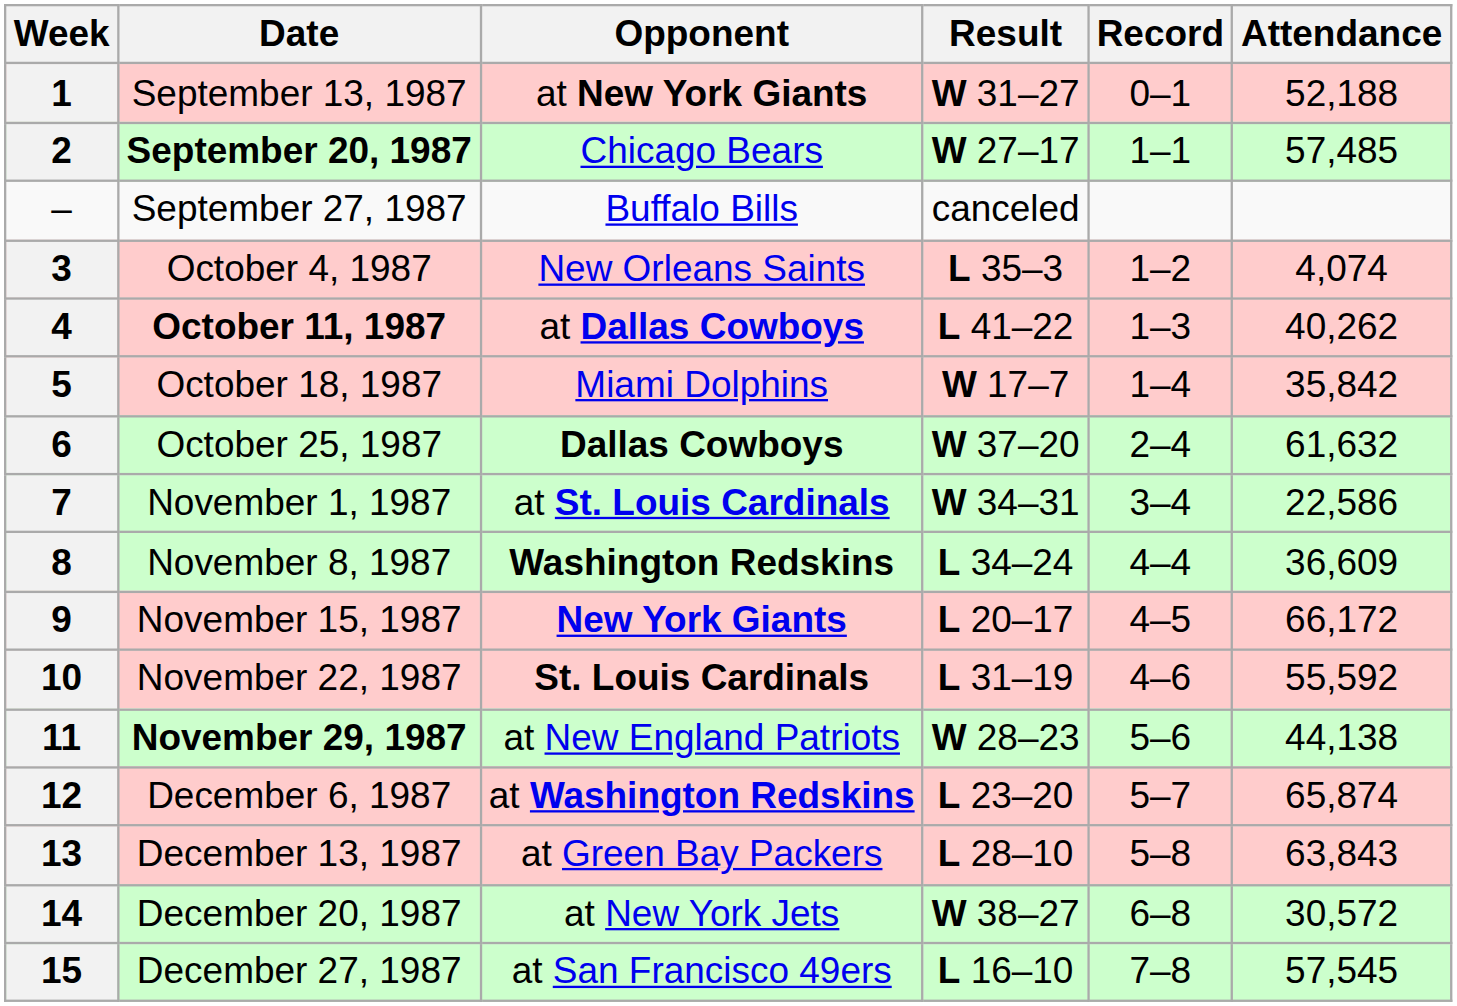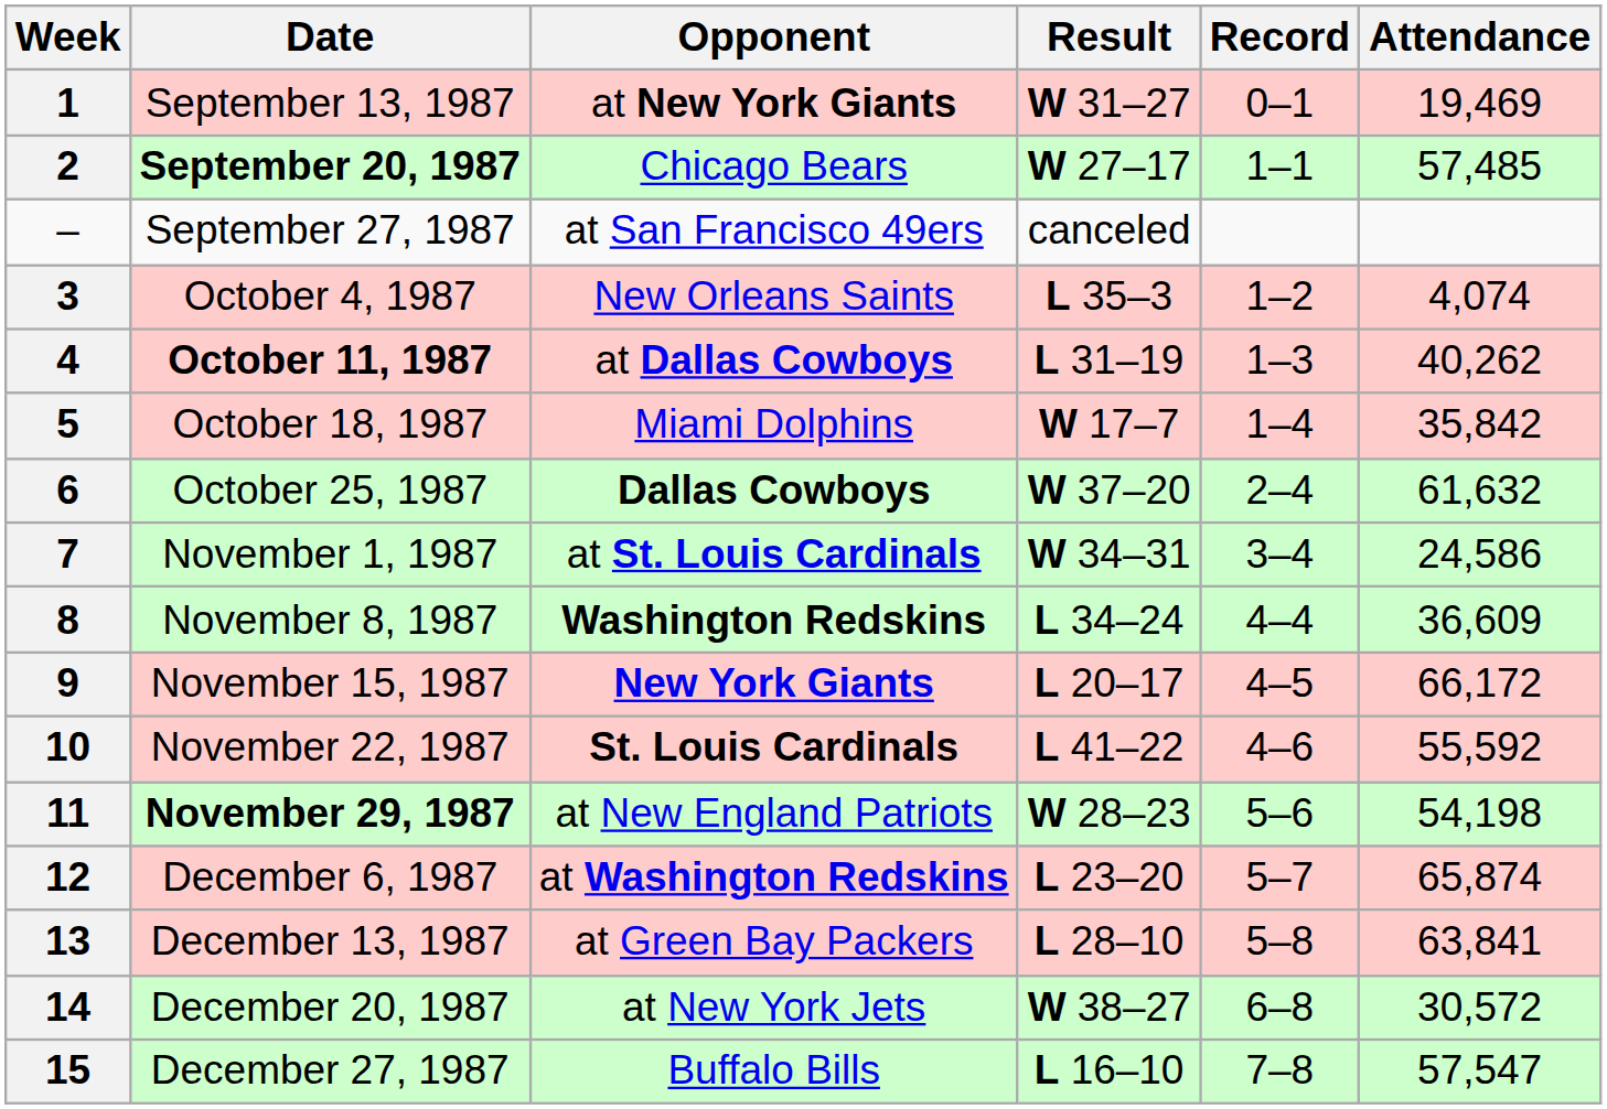 <table class="wikitable" style="text-align:center">
 <tr>
 <th>Week</th>
 <th>Date</th>
 <th>Opponent</th>
 <th>Result</th>
 <th>Record</th>
 <th>Attendance</th>
 </tr>
 <tr style="background:#fcc">
 <th>1</th>
 <td>September 13, 1987</td>
 <td>at <strong>New York Giants</strong></td>
 <td><strong>W</strong> 31–27</td>
 <td>0–1</td>
-<td>52,188</td>
+<td>19,469</td>
 </tr>
 <tr style="background:#cfc">
 <th>2</th>
 <td><strong>September 20, 1987</strong></td>
 <td><a href='#'>Chicago Bears</a></td>
 <td><strong>W</strong> 27–17</td>
 <td>1–1</td>
 <td>57,485</td>
 </tr>
 <tr style="background:">
 <td>–</td>
 <td>September 27, 1987</td>
-<td><a href='#'>Buffalo Bills</a></td>
+<td>at <a href='#'>San Francisco 49ers</a></td>
 <td>canceled</td>
 <td></td>
 </tr>
 <tr style="background:#fcc">
 <th>3</th>
 <td>October 4, 1987</td>
 <td><a href='#'>New Orleans Saints</a></td>
 <td><strong>L</strong> 35–3</td>
 <td>1–2</td>
 <td>4,074</td>
 </tr>
 <tr style="background:#fcc">
 <th>4</th>
 <td><strong>October 11, 1987</strong></td>
 <td>at <strong><a href='#'>Dallas Cowboys</a></strong></td>
-<td><strong>L</strong> 41–22</td>
+<td><strong>L</strong> 31–19</td>
 <td>1–3</td>
 <td>40,262</td>
 </tr>
 <tr style="background:#fcc">
 <th>5</th>
 <td>October 18, 1987</td>
 <td><a href='#'>Miami Dolphins</a></td>
 <td><strong>W</strong> 17–7</td>
 <td>1–4</td>
 <td>35,842</td>
 </tr>
 <tr style="background:#cfc">
 <th>6</th>
 <td>October 25, 1987</td>
 <td><strong>Dallas Cowboys</strong></td>
 <td><strong>W</strong> 37–20</td>
 <td>2–4</td>
 <td style="text-align:center">61,632</td>
 </tr>
 <tr style="background:#cfc">
 <th>7</th>
 <td>November 1, 1987</td>
 <td>at <strong><a href='#'>St. Louis Cardinals</a></strong></td>
 <td><strong>W</strong> 34–31</td>
 <td>3–4</td>
-<td>22,586</td>
+<td>24,586</td>
 </tr>
 <tr style="background:#cfc">
 <th>8</th>
 <td>November 8, 1987</td>
 <td><strong>Washington Redskins</strong></td>
 <td><strong>L</strong> 34–24</td>
 <td>4–4</td>
 <td>36,609</td>
 </tr>
 <tr style="background:#fcc">
 <th>9</th>
 <td>November 15, 1987</td>
 <td><strong><a href='#'>New York Giants</a></strong></td>
 <td><strong>L</strong> 20–17</td>
 <td>4–5</td>
 <td>66,172</td>
 </tr>
 <tr style="background:#fcc">
 <th>10</th>
 <td>November 22, 1987</td>
 <td><strong>St. Louis Cardinals</strong></td>
-<td><strong>L</strong> 31–19</td>
+<td><strong>L</strong> 41–22</td>
 <td>4–6</td>
 <td>55,592</td>
 </tr>
 <tr style="background:#cfc">
 <th>11</th>
 <td><strong>November 29, 1987</strong></td>
 <td>at <a href='#'>New England Patriots</a></td>
 <td><strong>W</strong> 28–23</td>
 <td>5–6</td>
-<td>44,138</td>
+<td>54,198</td>
 </tr>
 <tr style="background:#fcc">
 <th>12</th>
 <td>December 6, 1987</td>
 <td>at <strong><a href='#'>Washington Redskins</a></strong></td>
 <td><strong>L</strong> 23–20</td>
 <td>5–7</td>
 <td>65,874</td>
 </tr>
 <tr style="background:#fcc">
 <th>13</th>
 <td>December 13, 1987</td>
 <td>at <a href='#'>Green Bay Packers</a></td>
 <td><strong>L</strong> 28–10</td>
 <td>5–8</td>
-<td>63,843</td>
+<td>63,841</td>
 </tr>
 <tr style="background:#cfc">
 <th>14</th>
 <td>December 20, 1987</td>
 <td>at <a href='#'>New York Jets</a></td>
 <td><strong>W</strong> 38–27</td>
 <td>6–8</td>
 <td>30,572</td>
 </tr>
 <tr style="background:#cfc">
 <th>15</th>
 <td>December 27, 1987</td>
-<td>at <a href='#'>San Francisco 49ers</a></td>
+<td><a href='#'>Buffalo Bills</a></td>
 <td><strong>L</strong> 16–10</td>
 <td>7–8</td>
-<td>57,545</td>
+<td>57,547</td>
 </tr>
 </table>
